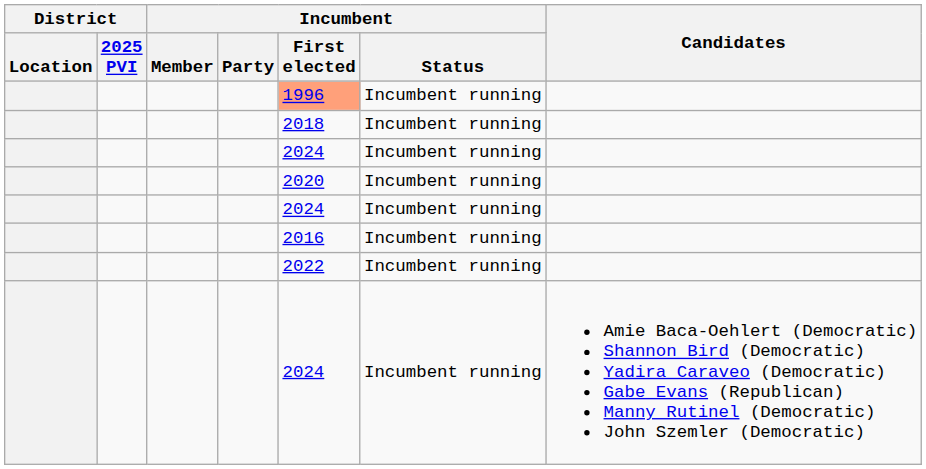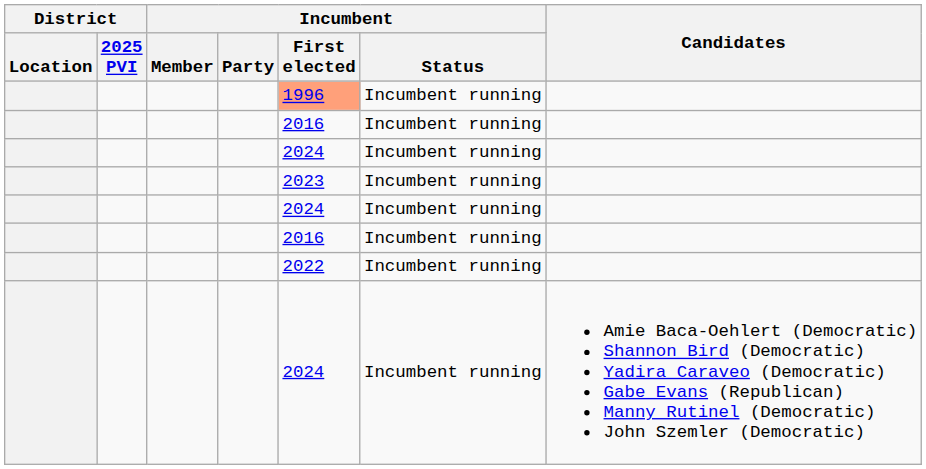 <table class="wikitable sortable">
 <tr>
 <th colspan=2>District</th>
 <th colspan=4>Incumbent</th>
 <th rowspan=2 class="unsortable">Candidates</th>
 </tr>
 <tr valign=bottom>
 <th>Location</th>
 <th><a href='#'>2025<br>PVI</a></th>
 <th>Member</th>
 <th>Party</th>
 <th>First<br>elected</th>
 <th>Status</th>
 </tr>
 <tr>
 <th></th>
 <td></td>
 <td></td>
 <td></td>
 <td style="background: lightsalmon;"><a href='#'>1996</a></td>
 <td>Incumbent running</td>
 <td></td>
 </tr>
 <tr>
 <th></th>
 <td></td>
 <td></td>
 <td></td>
-<td><a href='#'>2018</a></td>
+<td><a href='#'>2016</a></td>
 <td>Incumbent running</td>
 <td></td>
 </tr>
 <tr>
 <th></th>
 <td></td>
 <td></td>
 <td></td>
 <td><a href='#'>2024</a></td>
 <td>Incumbent running</td>
 <td></td>
 </tr>
 <tr>
 <th></th>
 <td></td>
 <td></td>
 <td></td>
-<td><a href='#'>2020</a></td>
+<td><a href='#'>2023</a></td>
 <td>Incumbent running</td>
 <td></td>
 </tr>
 <tr>
 <th></th>
 <td></td>
 <td></td>
 <td></td>
 <td><a href='#'>2024</a></td>
 <td>Incumbent running</td>
 <td></td>
 </tr>
 <tr>
 <th></th>
 <td></td>
 <td></td>
 <td></td>
 <td><a href='#'>2016</a></td>
 <td>Incumbent running</td>
 <td></td>
 </tr>
 <tr>
 <th></th>
 <td></td>
 <td></td>
 <td></td>
 <td><a href='#'>2022</a></td>
 <td>Incumbent running</td>
 <td></td>
 </tr>
 <tr>
 <th></th>
 <td></td>
 <td></td>
 <td></td>
 <td><a href='#'>2024</a></td>
 <td>Incumbent running</td>
 <td><br><ul><li>Amie Baca-Oehlert (Democratic)</li><li><a href='#'>Shannon Bird</a> (Democratic)</li><li><a href='#'>Yadira Caraveo</a> (Democratic)</li><li><a href='#'>Gabe Evans</a> (Republican)</li><li><a href='#'>Manny Rutinel</a> (Democratic)</li><li>John Szemler (Democratic)</li></ul></td>
 </tr>
 </table>
